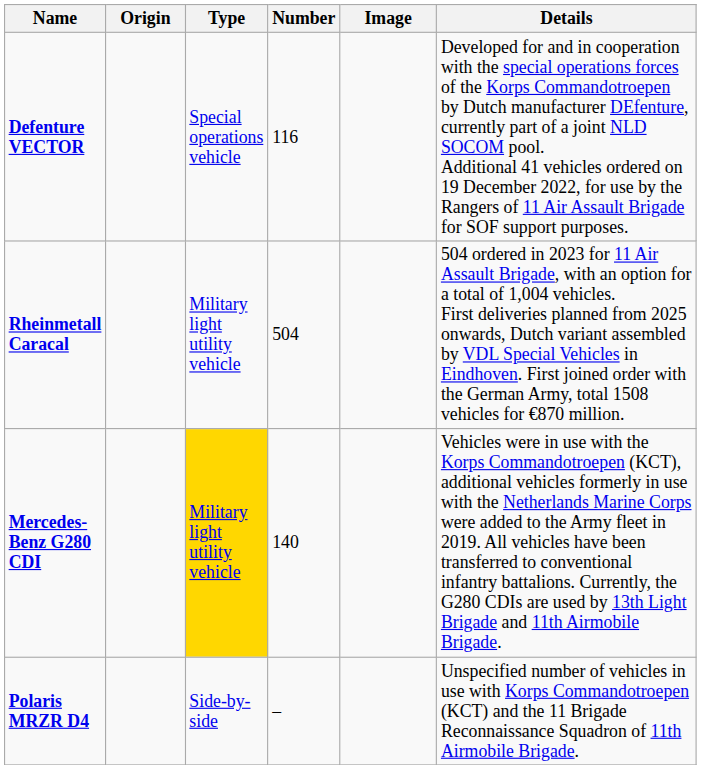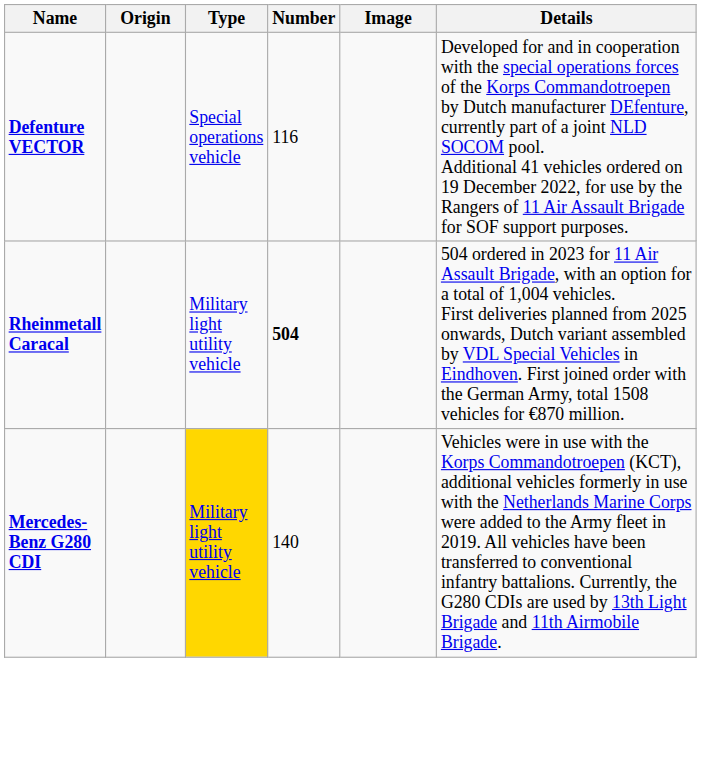 <table class="wikitable" style="margin:auto; width:100%;">
 <tr>
 <th style="text-align: center; width:11%;">Name</th>
 <th style="text-align: center; width:12%;">Origin</th>
 <th style="text-align: center; width:12%;">Type</th>
 <th style="text-align: center; width:10%;">Number</th>
 <th style="text-align: center; width:15%;">Image</th>
 <th style="text-align: center; width:40%;">Details</th>
 </tr>
 <tr>
 <td><strong><a href='#'>Defenture VECTOR</a></strong></td>
 <td><small></small></td>
 <td><a href='#'>Special operations vehicle</a></td>
 <td>116</td>
 <td></td>
 <td>Developed for and in cooperation with the <a href='#'>special operations forces</a> of the <a href='#'>Korps Commandotroepen</a> by Dutch manufacturer <a href='#'>DEfenture</a>, currently part of a joint <a href='#'>NLD SOCOM</a> pool.<br>Additional 41 vehicles ordered on 19 December 2022, for use by the Rangers of <a href='#'>11 Air Assault Brigade</a> for SOF support purposes.</td>
 </tr>
 <tr>
 <td><strong><a href='#'>Rheinmetall Caracal</a></strong></td>
 <td><small></small><br><small></small></td>
 <td><a href='#'>Military light utility vehicle</a></td>
-<td>504</td>
+<td><strong>504</strong></td>
 <td></td>
 <td>504 ordered in 2023 for <a href='#'>11 Air Assault Brigade</a>, with an option for a total of 1,004 vehicles.<br>First deliveries planned from 2025 onwards, Dutch variant assembled by <a href='#'>VDL Special Vehicles</a> in <a href='#'>Eindhoven</a>.  First joined order with the German Army, total 1508 vehicles for €870 million.</td>
 </tr>
 <tr>
 <td><strong><a href='#'>Mercedes-Benz G280 CDI</a></strong></td>
 <td><small></small><br><small></small></td>
 <td style="background: gold;"><a href='#'>Military light utility vehicle</a></td>
 <td>140</td>
 <td></td>
 <td>Vehicles were in use with the <a href='#'>Korps Commandotroepen</a> (KCT), additional vehicles formerly in use with the <a href='#'>Netherlands Marine Corps</a> were added to the Army fleet in 2019. All vehicles have been transferred to conventional infantry battalions. Currently, the G280 CDIs are used by <a href='#'>13th Light Brigade</a> and <a href='#'>11th Airmobile Brigade</a>.</td>
 </tr>
-<tr>
-<td><strong><a href='#'>Polaris MRZR D4</a></strong></td>
-<td><small></small></td>
-<td><a href='#'>Side-by-side</a></td>
-<td>–</td>
-<td></td>
-<td>Unspecified number of vehicles in use with <a href='#'>Korps Commandotroepen</a> (KCT) and the 11 Brigade Reconnaissance Squadron of <a href='#'>11th Airmobile Brigade</a>.</td>
-</tr>
 </table>
